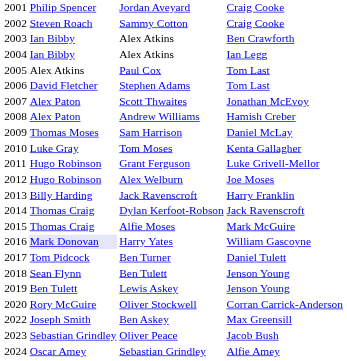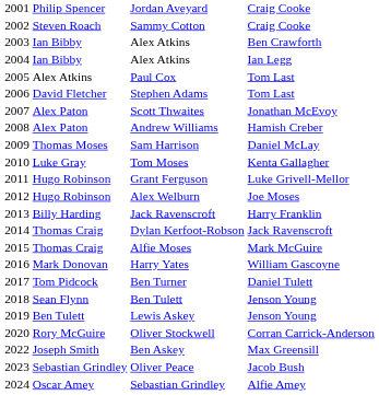 <table>
 <tr>
 <td>2001</td>
 <td><a href='#'>Philip Spencer</a></td>
 <td><a href='#'>Jordan Aveyard</a></td>
 <td><a href='#'>Craig Cooke</a></td>
 </tr>
 <tr>
 <td>2002</td>
 <td><a href='#'>Steven Roach</a></td>
 <td><a href='#'>Sammy Cotton</a></td>
 <td><a href='#'>Craig Cooke</a></td>
 </tr>
 <tr>
 <td>2003</td>
 <td><a href='#'>Ian Bibby</a></td>
 <td>Alex Atkins</td>
 <td><a href='#'>Ben Crawforth</a></td>
 </tr>
 <tr>
 <td>2004</td>
 <td><a href='#'>Ian Bibby</a></td>
 <td>Alex Atkins</td>
 <td><a href='#'>Ian Legg</a></td>
 </tr>
 <tr>
 <td>2005</td>
 <td>Alex Atkins</td>
 <td><a href='#'>Paul Cox</a></td>
 <td><a href='#'>Tom Last</a></td>
 </tr>
 <tr>
 <td>2006</td>
 <td><a href='#'>David Fletcher</a></td>
 <td><a href='#'>Stephen Adams</a></td>
 <td><a href='#'>Tom Last</a></td>
 </tr>
 <tr>
 <td>2007</td>
 <td><a href='#'>Alex Paton</a></td>
 <td><a href='#'>Scott Thwaites</a></td>
 <td><a href='#'>Jonathan McEvoy</a></td>
 </tr>
 <tr>
 <td>2008</td>
 <td><a href='#'>Alex Paton</a></td>
 <td><a href='#'>Andrew Williams</a></td>
 <td><a href='#'>Hamish Creber</a></td>
 </tr>
 <tr>
 <td>2009</td>
 <td><a href='#'>Thomas Moses</a></td>
 <td><a href='#'>Sam Harrison</a></td>
 <td><a href='#'>Daniel McLay</a></td>
 </tr>
 <tr>
 <td>2010</td>
 <td><a href='#'>Luke Gray</a></td>
 <td><a href='#'>Tom Moses</a></td>
 <td><a href='#'>Kenta Gallagher</a></td>
 </tr>
 <tr>
 <td>2011</td>
 <td><a href='#'>Hugo Robinson</a></td>
 <td><a href='#'>Grant Ferguson</a></td>
 <td><a href='#'>Luke Grivell-Mellor</a></td>
 </tr>
 <tr>
 <td>2012</td>
 <td><a href='#'>Hugo Robinson</a></td>
 <td><a href='#'>Alex Welburn</a></td>
 <td><a href='#'>Joe Moses</a></td>
 </tr>
 <tr>
 <td>2013</td>
 <td><a href='#'>Billy Harding</a></td>
 <td><a href='#'>Jack Ravenscroft</a></td>
 <td><a href='#'>Harry Franklin</a></td>
 </tr>
 <tr>
 <td>2014</td>
 <td><a href='#'>Thomas Craig</a></td>
 <td><a href='#'>Dylan Kerfoot-Robson</a></td>
 <td><a href='#'>Jack Ravenscroft</a></td>
 </tr>
 <tr>
 <td>2015</td>
 <td><a href='#'>Thomas Craig</a></td>
 <td><a href='#'>Alfie Moses</a></td>
 <td><a href='#'>Mark McGuire</a></td>
 </tr>
 <tr>
 <td>2016</td>
-<td style="background: lavender;"><a href='#'>Mark Donovan</a></td>
+<td><a href='#'>Mark Donovan</a></td>
 <td><a href='#'>Harry Yates</a></td>
 <td><a href='#'>William Gascoyne</a></td>
 </tr>
 <tr>
 <td>2017</td>
 <td><a href='#'>Tom Pidcock</a></td>
 <td><a href='#'>Ben Turner</a></td>
 <td><a href='#'>Daniel Tulett</a></td>
 </tr>
 <tr>
 <td>2018</td>
 <td><a href='#'>Sean Flynn</a></td>
 <td><a href='#'>Ben Tulett</a></td>
 <td><a href='#'>Jenson Young</a></td>
 </tr>
 <tr>
 <td>2019</td>
 <td><a href='#'>Ben Tulett</a></td>
 <td><a href='#'>Lewis Askey</a></td>
 <td><a href='#'>Jenson Young</a></td>
 </tr>
 <tr>
 <td>2020</td>
 <td><a href='#'>Rory McGuire</a></td>
 <td><a href='#'>Oliver Stockwell</a></td>
 <td><a href='#'>Corran Carrick-Anderson</a></td>
 </tr>
 <tr>
 <td>2022</td>
 <td><a href='#'>Joseph Smith</a></td>
 <td><a href='#'>Ben Askey</a></td>
 <td><a href='#'>Max Greensill</a></td>
 </tr>
 <tr>
 <td>2023</td>
 <td><a href='#'>Sebastian Grindley</a></td>
 <td><a href='#'>Oliver Peace</a></td>
 <td><a href='#'>Jacob Bush</a></td>
 </tr>
 <tr>
 <td>2024</td>
 <td><a href='#'>Oscar Amey</a></td>
 <td><a href='#'>Sebastian Grindley</a></td>
 <td><a href='#'>Alfie Amey</a></td>
 </tr>
 </table>
